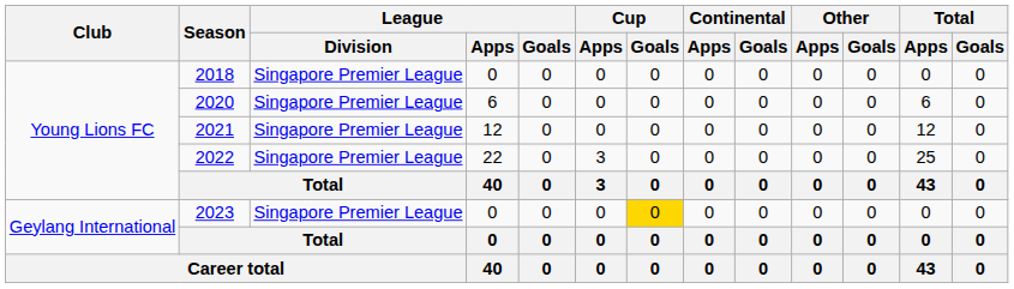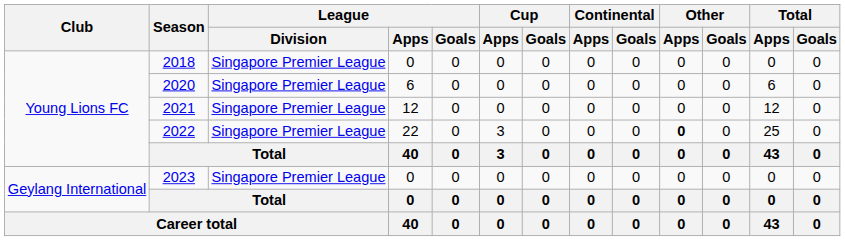 <table class="wikitable" style="text-align: center">
 <tr>
 <th rowspan="2">Club</th>
 <th rowspan="2">Season</th>
 <th colspan="3">League</th>
 <th colspan="2">Cup</th>
 <th colspan="2">Continental</th>
 <th colspan="2">Other</th>
 <th colspan="2">Total</th>
 </tr>
 <tr>
 <th>Division</th>
 <th>Apps</th>
 <th>Goals</th>
 <th>Apps</th>
 <th>Goals</th>
 <th>Apps</th>
 <th>Goals</th>
 <th>Apps</th>
 <th>Goals</th>
 <th>Apps</th>
 <th>Goals</th>
 </tr>
 <tr>
 <td rowspan="5"><a href='#'>Young Lions FC</a></td>
 <td><a href='#'>2018</a></td>
 <td><a href='#'>Singapore Premier League</a></td>
 <td>0</td>
 <td>0</td>
 <td>0</td>
 <td>0</td>
 <td>0</td>
 <td>0</td>
 <td>0</td>
 <td>0</td>
 <td>0</td>
 <td>0</td>
 </tr>
 <tr>
 <td><a href='#'>2020</a></td>
 <td><a href='#'>Singapore Premier League</a></td>
 <td>6</td>
 <td>0</td>
 <td>0</td>
 <td>0</td>
 <td>0</td>
 <td>0</td>
 <td>0</td>
 <td>0</td>
 <td>6</td>
 <td>0</td>
 </tr>
 <tr>
 <td><a href='#'>2021</a></td>
 <td><a href='#'>Singapore Premier League</a></td>
 <td>12</td>
 <td>0</td>
 <td>0</td>
 <td>0</td>
 <td>0</td>
 <td>0</td>
 <td>0</td>
 <td>0</td>
 <td>12</td>
 <td>0</td>
 </tr>
 <tr>
 <td><a href='#'>2022</a></td>
 <td><a href='#'>Singapore Premier League</a></td>
 <td>22</td>
 <td>0</td>
 <td>3</td>
 <td>0</td>
 <td>0</td>
 <td>0</td>
-<td>0</td>
+<td><strong>0</strong></td>
 <td>0</td>
 <td>25</td>
 <td>0</td>
 </tr>
 <tr>
 <th colspan=2>Total</th>
 <th>40</th>
 <th>0</th>
 <th>3</th>
 <th>0</th>
 <th>0</th>
 <th>0</th>
 <th>0</th>
 <th>0</th>
 <th>43</th>
 <th>0</th>
 </tr>
 <tr>
 <td rowspan="2"><a href='#'>Geylang International</a></td>
 <td><a href='#'>2023</a></td>
 <td><a href='#'>Singapore Premier League</a></td>
 <td>0</td>
 <td>0</td>
 <td>0</td>
-<td style="background: gold;">0</td>
+<td>0</td>
 <td>0</td>
 <td>0</td>
 <td>0</td>
 <td>0</td>
 <td>0</td>
 <td>0</td>
 </tr>
 <tr>
 <th colspan=2>Total</th>
 <th>0</th>
 <th>0</th>
 <th>0</th>
 <th>0</th>
 <th>0</th>
 <th>0</th>
 <th>0</th>
 <th>0</th>
 <th>0</th>
 <th>0</th>
 </tr>
 <tr>
 <th colspan=3>Career total</th>
 <th>40</th>
 <th>0</th>
 <th>0</th>
 <th>0</th>
 <th>0</th>
 <th>0</th>
 <th>0</th>
 <th>0</th>
 <th>43</th>
 <th>0</th>
 </tr>
 </table>
